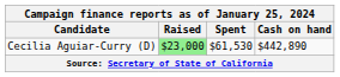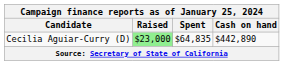 <table class="wikitable sortable">
 <tr>
 <th colspan=4>Campaign finance reports as of January 25, 2024</th>
 </tr>
 <tr style="text-align:center;">
 <th>Candidate</th>
 <th>Raised</th>
 <th>Spent</th>
 <th>Cash on hand</th>
 </tr>
 <tr>
 <td style="color:black;background-color:">Cecilia Aguiar-Curry (D)</td>
 <td style="background: lightgreen;">$23,000</td>
-<td>$61,530</td>
+<td>$64,835</td>
 <td>$442,890</td>
 </tr>
 <tr>
 <th colspan="4"><small>Source: <a href='#'>Secretary of State of California</a></small></th>
 </tr>
 </table>
